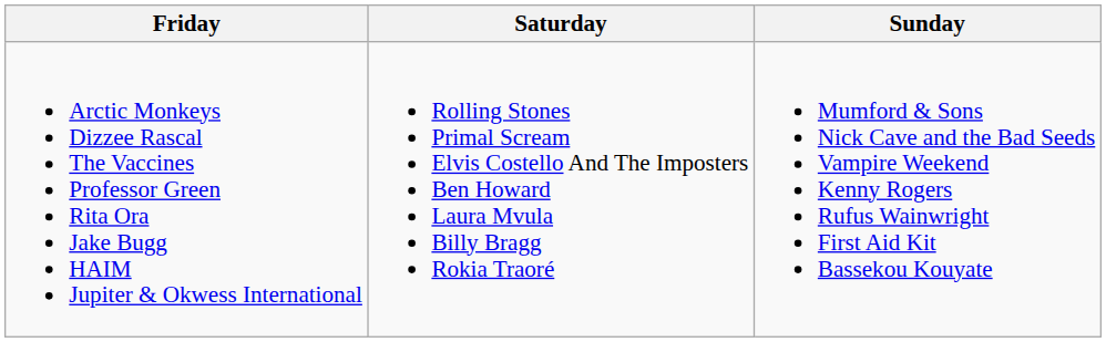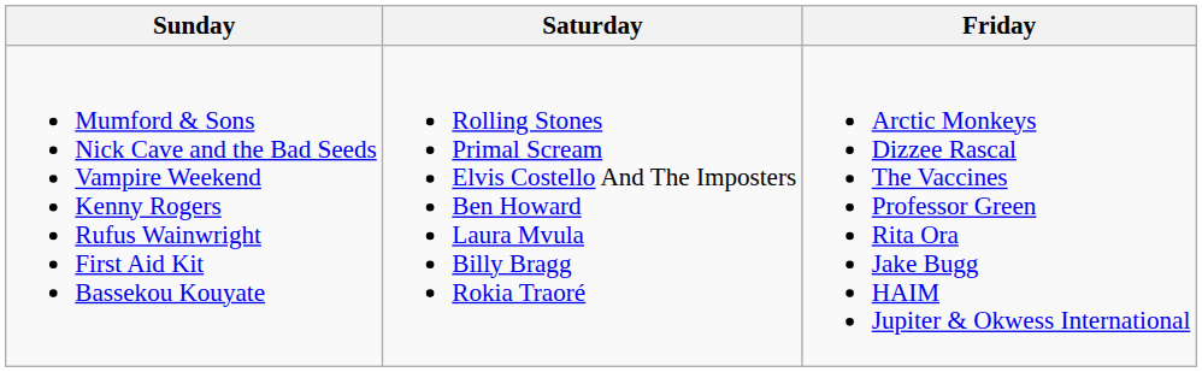 <table class="wikitable">
 <tr>
+<th>Sunday</th>
+<th>Saturday</th>
 <th>Friday</th>
-<th>Saturday</th>
-<th>Sunday</th>
 </tr>
 <tr valign="top">
+<td><br><ul><li><a href='#'>Mumford & Sons</a></li><li><a href='#'>Nick Cave and the Bad Seeds</a></li><li><a href='#'>Vampire Weekend</a></li><li><a href='#'>Kenny Rogers</a></li><li><a href='#'>Rufus Wainwright</a></li><li><a href='#'>First Aid Kit</a></li><li><a href='#'>Bassekou Kouyate</a></li></ul></td>
+<td><br><ul><li><a href='#'>Rolling Stones</a></li><li><a href='#'>Primal Scream</a></li><li><a href='#'>Elvis Costello</a> And The Imposters</li><li><a href='#'>Ben Howard</a></li><li><a href='#'>Laura Mvula</a></li><li><a href='#'>Billy Bragg</a></li><li><a href='#'>Rokia Traoré</a></li></ul></td>
 <td><br><ul><li><a href='#'>Arctic Monkeys</a></li><li><a href='#'>Dizzee Rascal</a></li><li><a href='#'>The Vaccines</a></li><li><a href='#'>Professor Green</a></li><li><a href='#'>Rita Ora</a></li><li><a href='#'>Jake Bugg</a></li><li><a href='#'>HAIM</a></li><li><a href='#'>Jupiter & Okwess International</a></li></ul></td>
-<td><br><ul><li><a href='#'>Rolling Stones</a></li><li><a href='#'>Primal Scream</a></li><li><a href='#'>Elvis Costello</a> And The Imposters</li><li><a href='#'>Ben Howard</a></li><li><a href='#'>Laura Mvula</a></li><li><a href='#'>Billy Bragg</a></li><li><a href='#'>Rokia Traoré</a></li></ul></td>
-<td><br><ul><li><a href='#'>Mumford & Sons</a></li><li><a href='#'>Nick Cave and the Bad Seeds</a></li><li><a href='#'>Vampire Weekend</a></li><li><a href='#'>Kenny Rogers</a></li><li><a href='#'>Rufus Wainwright</a></li><li><a href='#'>First Aid Kit</a></li><li><a href='#'>Bassekou Kouyate</a></li></ul></td>
 </tr>
 </table>
